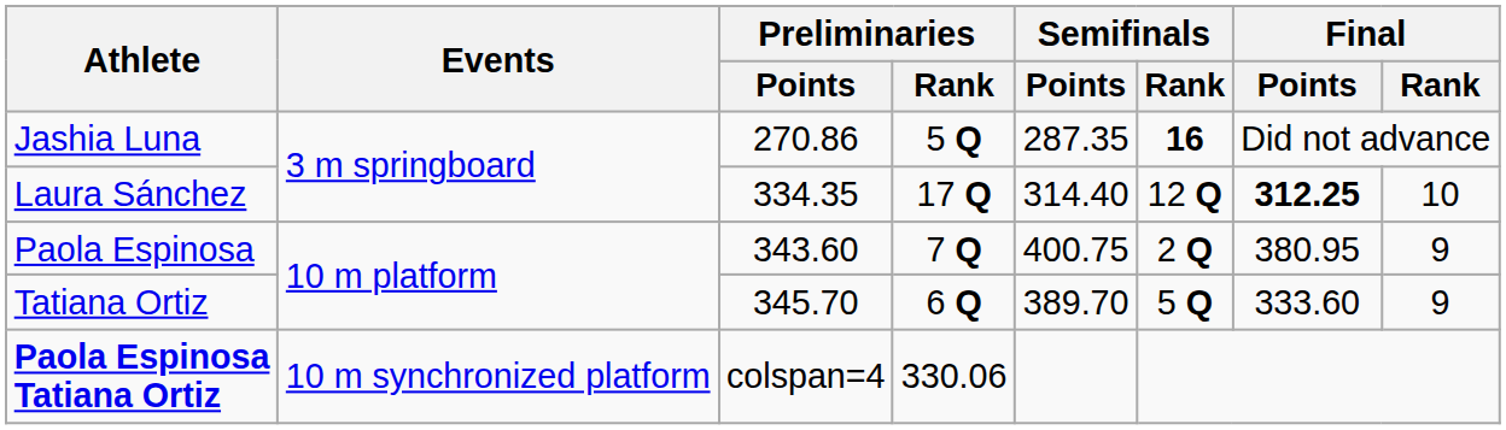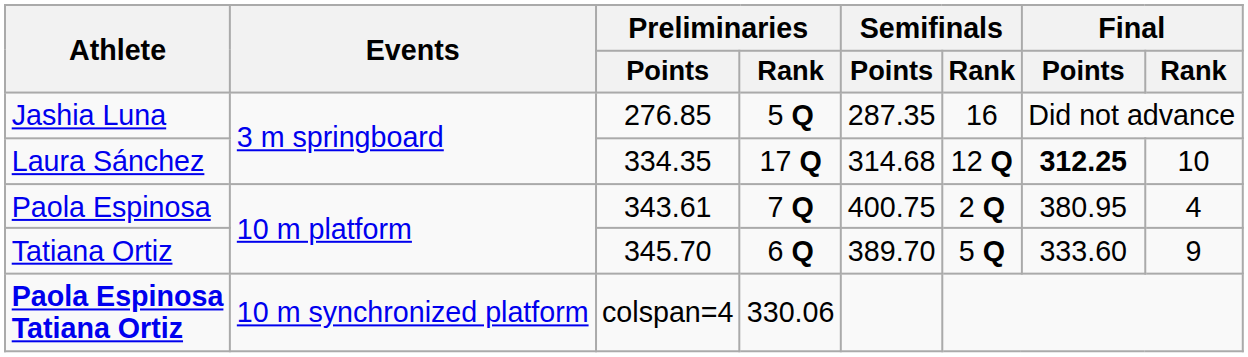 <table class=wikitable style="font-size:90%">
 <tr>
 <th rowspan="2">Athlete</th>
 <th rowspan="2">Events</th>
 <th colspan="2">Preliminaries</th>
 <th colspan="2">Semifinals</th>
 <th colspan="2">Final</th>
 </tr>
 <tr style="font-size:95%">
 <th>Points</th>
 <th>Rank</th>
 <th>Points</th>
 <th>Rank</th>
 <th>Points</th>
 <th>Rank</th>
 </tr>
 <tr align=center>
 <td align=left><a href='#'>Jashia Luna</a></td>
 <td align=left rowspan=2><a href='#'>3 m springboard</a></td>
-<td>270.86</td>
+<td>276.85</td>
 <td>5 <strong>Q</strong></td>
 <td>287.35</td>
-<td><strong>16</strong></td>
+<td>16</td>
 <td colspan=2>Did not advance</td>
 </tr>
 <tr align=center>
 <td align=left><a href='#'>Laura Sánchez</a></td>
 <td>334.35</td>
 <td>17 <strong>Q</strong></td>
-<td>314.40</td>
+<td>314.68</td>
 <td>12 <strong>Q</strong></td>
 <td><strong>312.25</strong></td>
 <td>10</td>
 </tr>
 <tr align=center>
 <td align=left><a href='#'>Paola Espinosa</a></td>
 <td align=left rowspan=2><a href='#'>10 m platform</a></td>
-<td>343.60</td>
+<td>343.61</td>
 <td>7 <strong>Q</strong></td>
 <td>400.75</td>
 <td>2 <strong>Q</strong></td>
 <td>380.95</td>
-<td>9</td>
+<td>4</td>
 </tr>
 <tr align=center>
 <td align=left><a href='#'>Tatiana Ortiz</a></td>
 <td>345.70</td>
 <td>6 <strong>Q</strong></td>
 <td>389.70</td>
 <td>5 <strong>Q</strong></td>
 <td>333.60</td>
 <td>9</td>
 </tr>
 <tr align=center>
 <td align=left><strong><a href='#'>Paola Espinosa</a><br><a href='#'>Tatiana Ortiz</a></strong></td>
 <td align=left><a href='#'>10 m synchronized platform</a></td>
 <td>colspan=4 </td>
 <td>330.06</td>
 <td></td>
 </tr>
 </table>
